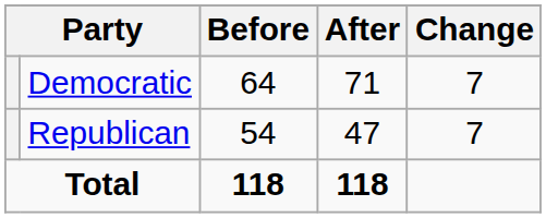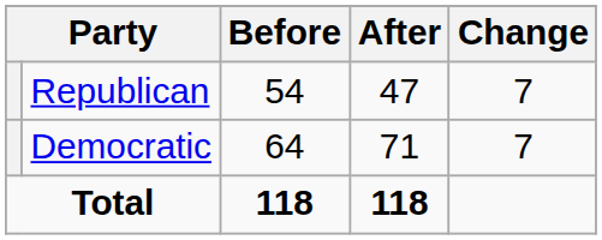 <table class="wikitable" style="text-align:center;">
 <tr>
 </tr>
 <tr>
 <th colspan=2>Party</th>
 <th>Before</th>
 <th>After</th>
 <th>Change</th>
 </tr>
 <tr>
 <th style="background-color:"></th>
-<td style="text-align:left;"><a href='#'>Democratic</a></td>
-<td>64</td>
-<td>71</td>
+<td style="text-align:left;"><a href='#'>Republican</a></td>
+<td>54</td>
+<td>47</td>
 <td> 7</td>
 </tr>
 <tr>
 <th style="background-color:"></th>
-<td style="text-align:left;"><a href='#'>Republican</a></td>
-<td>54</td>
-<td>47</td>
+<td style="text-align:left;"><a href='#'>Democratic</a></td>
+<td>64</td>
+<td>71</td>
 <td> 7</td>
 </tr>
 <tr>
 <td colspan=2><strong>Total</strong></td>
 <td><strong>118</strong></td>
 <td><strong>118</strong></td>
 <td></td>
 </tr>
 </table>
